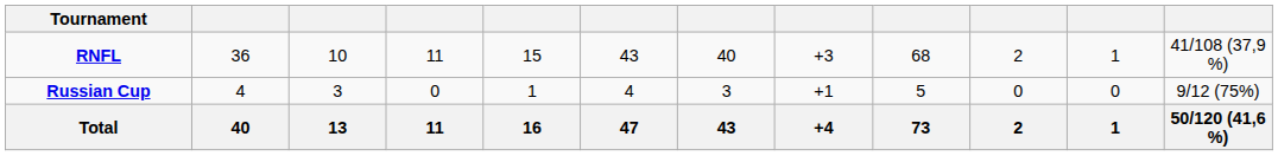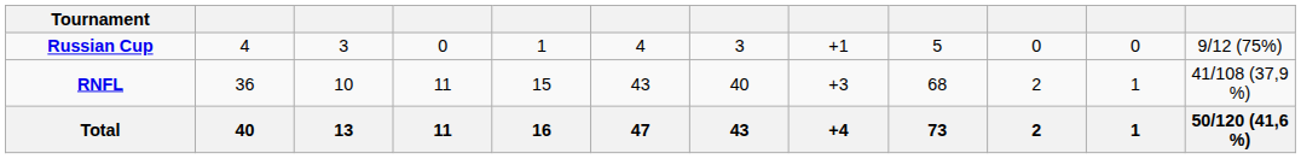 <table class="wikitable sortable" style="text-align:center; font-size:95%">
 <tr>
 <th width=160px>Tournament</th>
 <th width=80px></th>
 <th width=80px></th>
 <th width=80px></th>
 <th width=80px></th>
 <th width=80px></th>
 <th width=80px></th>
 <th width=80px></th>
 <th width=80px></th>
 <th width=80px></th>
 <th width=80px></th>
 <th width=90px></th>
 </tr>
 <tr>
+<td><strong><a href='#'>Russian Cup</a></strong></td>
+<td>4</td>
+<td>3</td>
+<td>0</td>
+<td>1</td>
+<td>4</td>
+<td>3</td>
+<td>+1</td>
+<td>5</td>
+<td>0</td>
+<td>0</td>
+<td>9/12 (75%)</td>
+</tr>
+<tr>
 <td><strong><a href='#'>RNFL</a></strong></td>
 <td>36</td>
 <td>10</td>
 <td>11</td>
 <td>15</td>
 <td>43</td>
 <td>40</td>
 <td>+3</td>
 <td>68</td>
 <td>2</td>
 <td>1</td>
 <td>41/108 (37,9 %)</td>
-</tr>
-<tr>
-<td><strong><a href='#'>Russian Cup</a></strong></td>
-<td>4</td>
-<td>3</td>
-<td>0</td>
-<td>1</td>
-<td>4</td>
-<td>3</td>
-<td>+1</td>
-<td>5</td>
-<td>0</td>
-<td>0</td>
-<td>9/12 (75%)</td>
 </tr>
 <tr class="sortbottom">
 <th>Total</th>
 <th>40</th>
 <th>13</th>
 <th>11</th>
 <th>16</th>
 <th>47</th>
 <th>43</th>
 <th>+4</th>
 <th>73</th>
 <th>2</th>
 <th>1</th>
 <th>50/120 (41,6 %)</th>
 </tr>
 </table>
